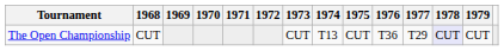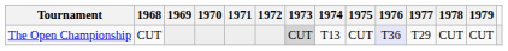 <table class="wikitable" style="font-size:95%;text-align:center;">
 <tr>
 <th>Tournament</th>
 <th>1968</th>
 <th>1969</th>
 <th>1970</th>
 <th>1971</th>
 <th>1972</th>
 <th>1973</th>
 <th>1974</th>
 <th>1975</th>
 <th>1976</th>
 <th>1977</th>
 <th>1978</th>
 <th>1979</th>
 </tr>
 <tr>
 <td align=left><a href='#'>The Open Championship</a></td>
 <td>CUT</td>
 <td style="background:#eeeeee;"></td>
 <td style="background:#eeeeee;"></td>
 <td style="background:#eeeeee;"></td>
 <td style="background:#eeeeee;"></td>
-<td>CUT</td>
+<td style="background: lightgrey;">CUT</td>
 <td>T13</td>
 <td>CUT</td>
-<td>T36</td>
+<td style="background: lavender;">T36</td>
 <td>T29</td>
-<td style="background: lavender;">CUT</td>
+<td>CUT</td>
 <td>CUT</td>
 <td style="background:#eeeeee;"></td>
 </tr>
 </table>
